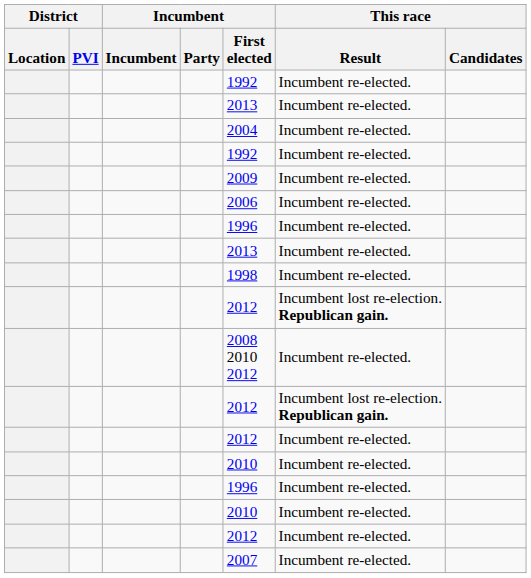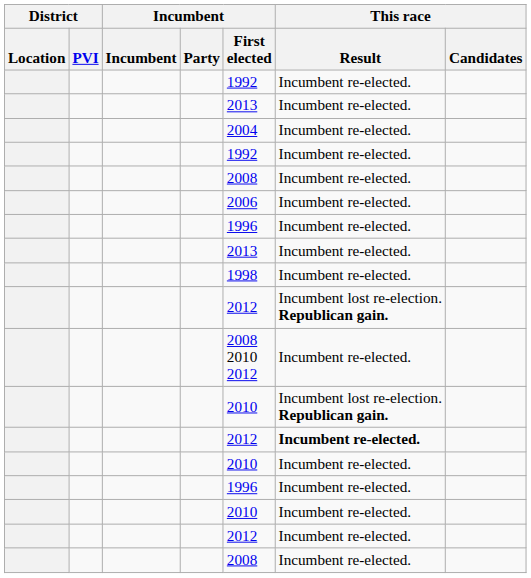 <table class="wikitable sortable">
 <tr valign=bottom>
 <th colspan=2>District</th>
 <th colspan=3>Incumbent</th>
 <th colspan=2>This race</th>
 </tr>
 <tr valign=bottom>
 <th>Location</th>
 <th><a href='#'>PVI</a></th>
 <th>Incumbent</th>
 <th>Party</th>
 <th>First<br>elected</th>
 <th>Result</th>
 <th>Candidates</th>
 </tr>
 <tr>
 <th></th>
 <td></td>
 <td></td>
 <td></td>
 <td><a href='#'>1992</a></td>
 <td>Incumbent re-elected.</td>
 <td nowrap></td>
 </tr>
 <tr>
 <th></th>
 <td></td>
 <td></td>
 <td></td>
 <td><a href='#'>2013 </a></td>
 <td>Incumbent re-elected.</td>
 <td nowrap></td>
 </tr>
 <tr>
 <th></th>
 <td></td>
 <td></td>
 <td></td>
 <td><a href='#'>2004</a></td>
 <td>Incumbent re-elected.</td>
 <td nowrap></td>
 </tr>
 <tr>
 <th></th>
 <td></td>
 <td></td>
 <td></td>
 <td><a href='#'>1992</a></td>
 <td>Incumbent re-elected.</td>
 <td nowrap></td>
 </tr>
 <tr>
 <th></th>
 <td></td>
 <td></td>
 <td></td>
-<td><a href='#'>2009</a></td>
+<td><a href='#'>2008</a></td>
 <td>Incumbent re-elected.</td>
 <td nowrap></td>
 </tr>
 <tr>
 <th></th>
 <td></td>
 <td></td>
 <td></td>
 <td><a href='#'>2006</a></td>
 <td>Incumbent re-elected.</td>
 <td nowrap></td>
 </tr>
 <tr>
 <th></th>
 <td></td>
 <td></td>
 <td></td>
 <td><a href='#'>1996</a></td>
 <td>Incumbent re-elected.</td>
 <td nowrap></td>
 </tr>
 <tr>
 <th></th>
 <td></td>
 <td></td>
 <td></td>
 <td><a href='#'>2013</a></td>
 <td>Incumbent re-elected.</td>
 <td nowrap></td>
 </tr>
 <tr>
 <th></th>
 <td></td>
 <td></td>
 <td></td>
 <td><a href='#'>1998</a></td>
 <td>Incumbent re-elected.</td>
 <td nowrap></td>
 </tr>
 <tr>
 <th></th>
 <td></td>
 <td></td>
 <td></td>
 <td><a href='#'>2012</a></td>
 <td>Incumbent lost re-election.<br><strong>Republican gain.</strong></td>
 <td nowrap></td>
 </tr>
 <tr>
 <th></th>
 <td></td>
 <td></td>
 <td></td>
 <td><a href='#'>2008 </a><br>2010 <br><a href='#'>2012</a></td>
 <td>Incumbent re-elected.</td>
 <td nowrap></td>
 </tr>
 <tr>
 <th></th>
 <td></td>
 <td></td>
 <td></td>
-<td><a href='#'>2012</a></td>
+<td><a href='#'>2010</a></td>
 <td>Incumbent lost re-election.<br><strong>Republican gain.</strong></td>
 <td nowrap></td>
 </tr>
 <tr>
 <th></th>
 <td></td>
 <td></td>
 <td></td>
 <td><a href='#'>2012</a></td>
-<td>Incumbent re-elected.</td>
+<td><strong>Incumbent re-elected.</strong></td>
 <td nowrap></td>
 </tr>
 <tr>
 <th></th>
 <td></td>
 <td></td>
 <td></td>
 <td><a href='#'>2010</a></td>
 <td>Incumbent re-elected.</td>
 <td nowrap></td>
 </tr>
 <tr>
 <th></th>
 <td></td>
 <td></td>
 <td></td>
 <td><a href='#'>1996</a></td>
 <td>Incumbent re-elected.</td>
 <td nowrap></td>
 </tr>
 <tr>
 <th></th>
 <td></td>
 <td></td>
 <td></td>
 <td><a href='#'>2010</a></td>
 <td>Incumbent re-elected.</td>
 <td nowrap></td>
 </tr>
 <tr>
 <th></th>
 <td></td>
 <td></td>
 <td></td>
 <td><a href='#'>2012</a></td>
 <td>Incumbent re-elected.</td>
 <td nowrap></td>
 </tr>
 <tr>
 <th></th>
 <td></td>
 <td></td>
 <td></td>
-<td><a href='#'>2007</a></td>
+<td><a href='#'>2008</a></td>
 <td>Incumbent re-elected.</td>
 <td nowrap></td>
 </tr>
 </table>
